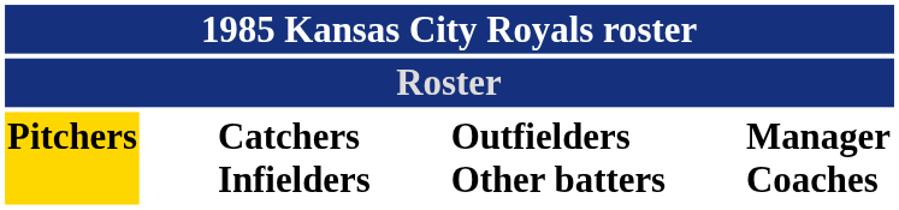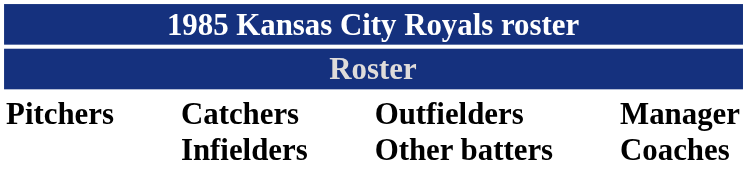 <table class="toccolours" style="font-size: 95%;">
 <tr>
 <th colspan="10" style="background-color: #15317E; color: #FFFFFF; text-align: center;">1985 Kansas City Royals roster</th>
 </tr>
 <tr>
 <td colspan="10" style="background-color: #15317E; color: #DFDCDA; text-align: center;"><strong>Roster</strong></td>
 </tr>
 <tr>
-<td valign="top" style="background: gold;"><strong>Pitchers</strong><br>             </td>
+<td valign="top"><strong>Pitchers</strong><br>             </td>
 <td width="25px"></td>
 <td valign="top"><strong>Catchers</strong><br>   <strong>Infielders</strong>        </td>
 <td width="25px"></td>
 <td valign="top"><strong>Outfielders</strong><br>        <strong>Other batters</strong>  </td>
 <td width="25px"></td>
 <td valign="top"><strong>Manager</strong><br> <strong>Coaches</strong>          </td>
 </tr>
 <tr>
 </tr>
 </table>
